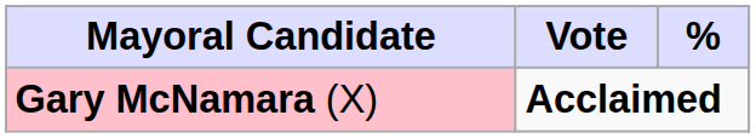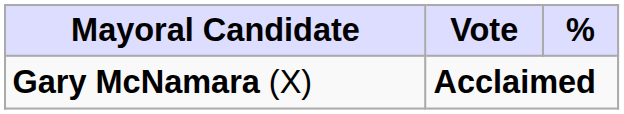 <table class="wikitable">
 <tr>
 <th style="background:#ddf; width:200px;">Mayoral Candidate</th>
 <th style="background:#ddf; width:50px;">Vote</th>
 <th style="background:#ddf; width:30px;">%</th>
 </tr>
 <tr>
-<td style="background: pink;"><strong>Gary McNamara</strong> (X)</td>
+<td><strong>Gary McNamara</strong> (X)</td>
 <td colspan="2"><strong>Acclaimed</strong></td>
 </tr>
 </table>
